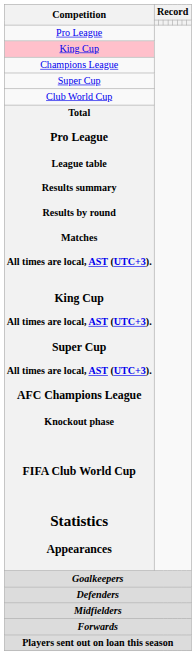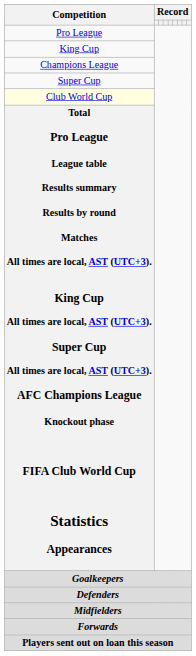 <table class="wikitable" style="text-align: center">
 <tr>
 <th rowspan=2>Competition</th>
 <th colspan=8>Record</th>
 </tr>
 <tr>
 <th></th>
 <th></th>
 <th></th>
 <th></th>
 <th></th>
 <th></th>
 <th></th>
 <th></th>
 </tr>
 <tr>
 <td><a href='#'>Pro League</a><br></td>
 </tr>
 <tr>
-<td style="background: pink;"><a href='#'>King Cup</a><br></td>
+<td><a href='#'>King Cup</a><br></td>
 </tr>
 <tr>
 <td><a href='#'>Champions League</a><br></td>
 </tr>
 <tr>
 <td><a href='#'>Super Cup</a><br></td>
 </tr>
 <tr>
-<td><a href='#'>Club World Cup</a><br></td>
+<td style="background: lightyellow;"><a href='#'>Club World Cup</a><br></td>
 </tr>
 <tr>
 <th>Total<br> <h3>Pro League</h3><h4>League table</h4><h4>Results summary</h4> <h4>Results by round</h4><h4>Matches</h4>All times are local, <a href='#'>AST</a> (<a href='#'>UTC+3</a>).<br>   <br>                             <h3>King Cup</h3> All times are local, <a href='#'>AST</a> (<a href='#'>UTC+3</a>).<br>   <h3>Super Cup</h3> All times are local, <a href='#'>AST</a> (<a href='#'>UTC+3</a>).<br><h3>AFC Champions League</h3><h4>Knockout phase</h4><br>    <h3>FIFA Club World Cup</h3><br>  <h2>Statistics</h2><h3>Appearances</h3></th>
 </tr>
 <tr>
 <th colspan=20 style=background:#dcdcdc; text-align:center><em>Goalkeepers</em><br>   </th>
 </tr>
 <tr>
 <th colspan=20 style=background:#dcdcdc; text-align:center><em>Defenders</em><br>          </th>
 </tr>
 <tr>
 <th colspan=20 style=background:#dcdcdc; text-align:center><em>Midfielders</em><br>            </th>
 </tr>
 <tr>
 <th colspan=20 style=background:#dcdcdc; text-align:center><em>Forwards</em><br>    </th>
 </tr>
 <tr>
 <th colspan=20 style=background:#dcdcdc; text-align:center>Players sent out on loan this season<br></th>
 </tr>
 </table>
